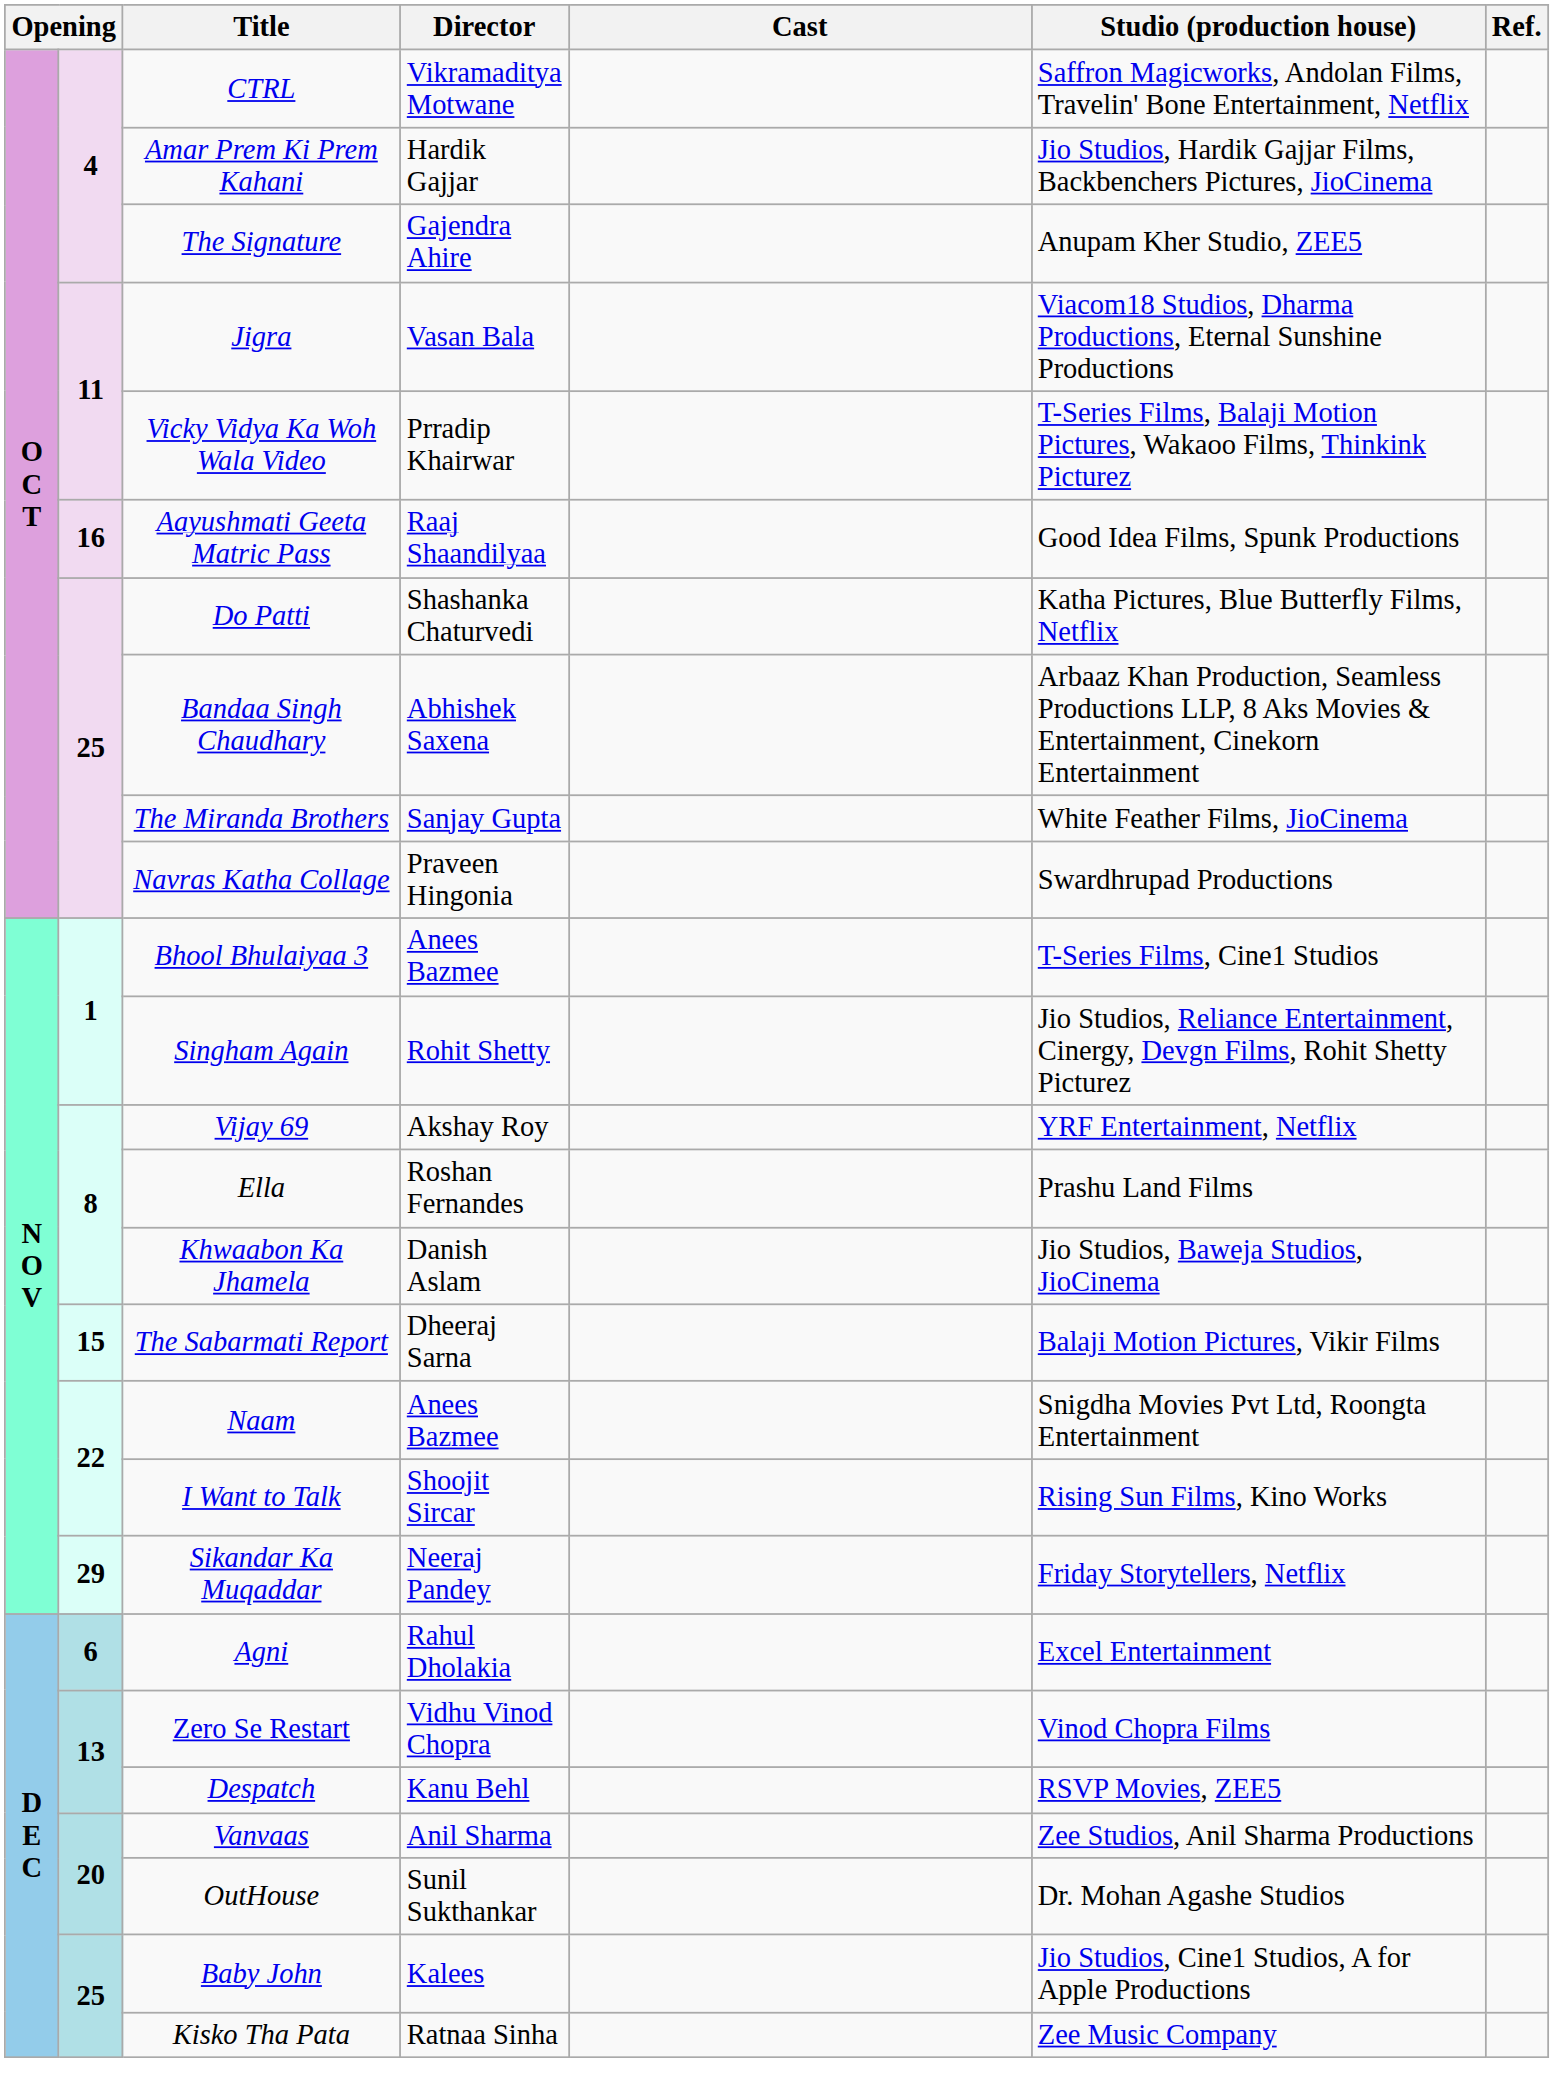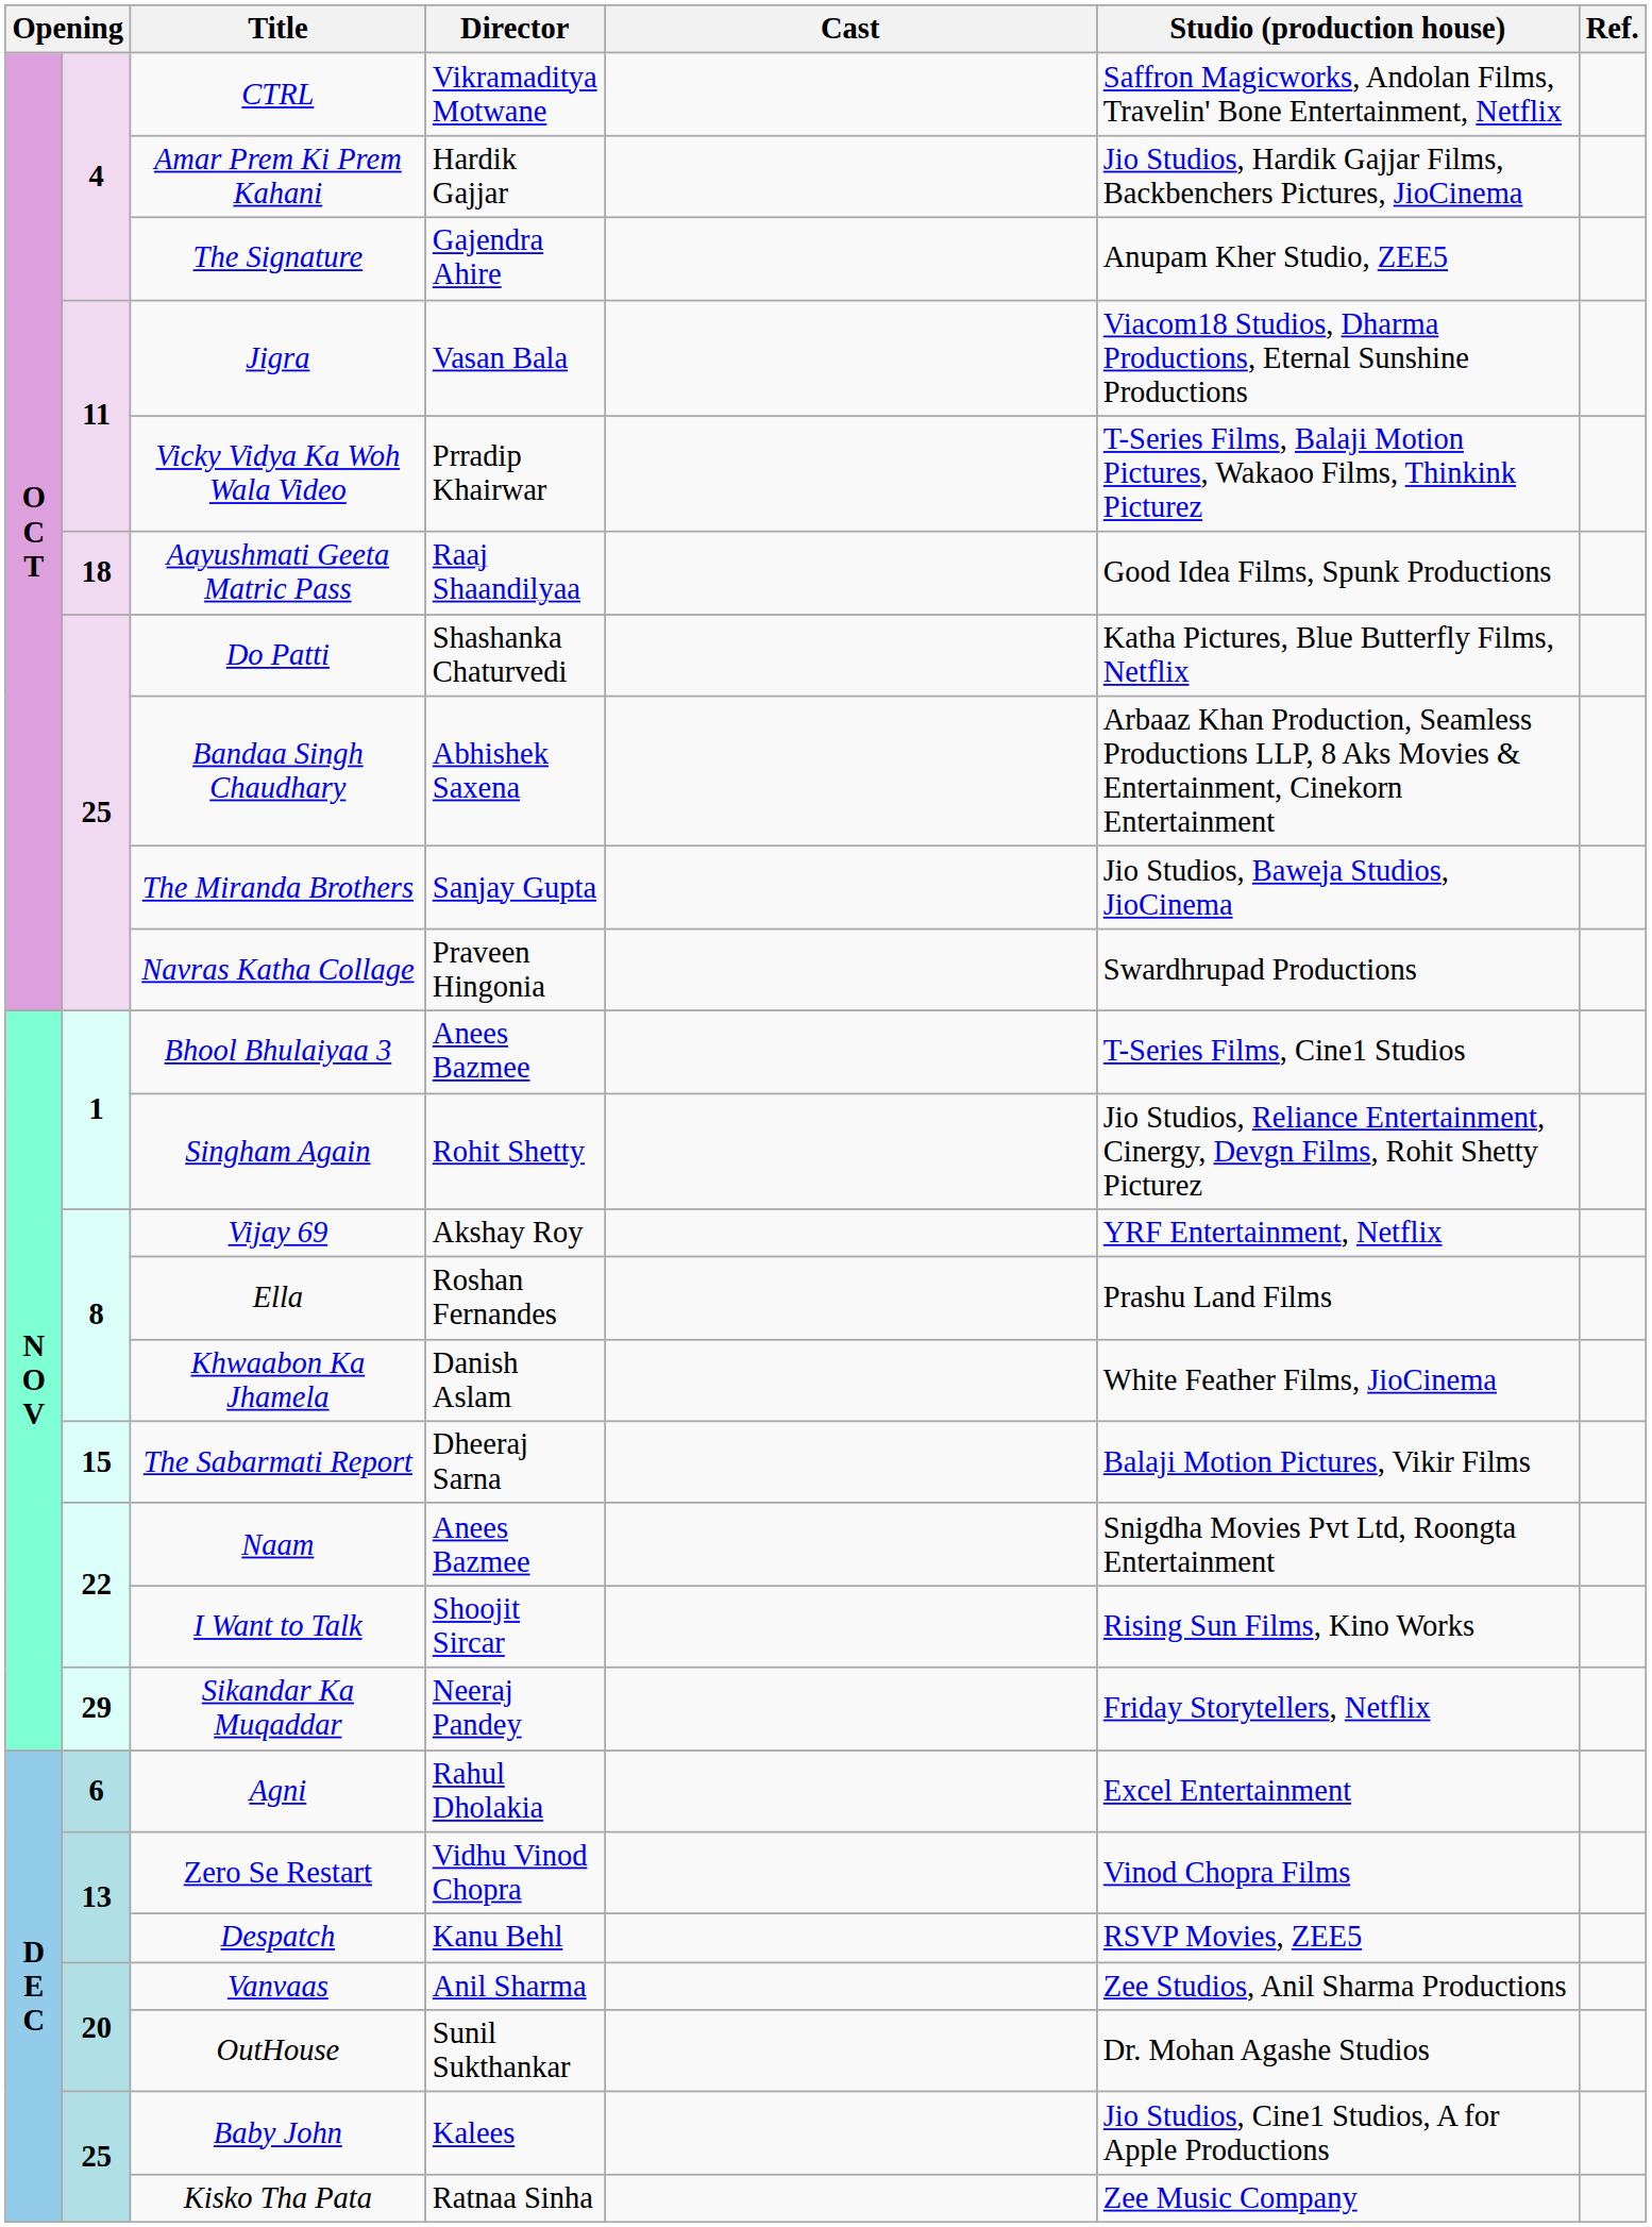 <table class="wikitable">
 <tr>
 <th colspan="2" style="width:6%;"><strong>Opening</strong></th>
 <th style="width:18%;"><strong>Title</strong></th>
 <th style="width:10.5%;"><strong>Director</strong></th>
 <th style="width:30%;"><strong>Cast</strong></th>
 <th>Studio (production house)</th>
 <th>Ref.</th>
 </tr>
 <tr>
 <td rowspan="10" style="text-align:center; background:plum; textcolor:#000;"><strong>O<br>C<br>T</strong></td>
 <td rowspan="3" style="text-align:center;background:#f1daf1;"><strong>4</strong></td>
 <td style="text-align:center;"><em><a href='#'>CTRL</a></em></td>
 <td><a href='#'>Vikramaditya Motwane</a></td>
 <td></td>
 <td><a href='#'>Saffron Magicworks</a>, Andolan Films, Travelin' Bone Entertainment, <a href='#'>Netflix</a></td>
 <td></td>
 </tr>
 <tr>
 <td style="text-align:center;"><em><a href='#'>Amar Prem Ki Prem Kahani</a></em></td>
 <td>Hardik Gajjar</td>
 <td></td>
 <td><a href='#'>Jio Studios</a>, Hardik Gajjar Films, Backbenchers Pictures, <a href='#'>JioCinema</a></td>
 <td></td>
 </tr>
 <tr>
 <td style="text-align:center;"><em><a href='#'>The Signature</a></em></td>
 <td><a href='#'>Gajendra Ahire</a></td>
 <td></td>
 <td>Anupam Kher Studio, <a href='#'>ZEE5</a></td>
 <td></td>
 </tr>
 <tr>
 <td rowspan="2" style="text-align:center;background:#f1daf1;"><strong>11</strong></td>
 <td style="text-align:center;"><em><a href='#'>Jigra</a></em></td>
 <td><a href='#'>Vasan Bala</a></td>
 <td></td>
 <td><a href='#'>Viacom18 Studios</a>, <a href='#'>Dharma Productions</a>, Eternal Sunshine Productions</td>
 <td><strong></strong></td>
 </tr>
 <tr>
 <td style="text-align:center;"><em><a href='#'>Vicky Vidya Ka Woh Wala Video</a></em></td>
 <td>Prradip Khairwar</td>
 <td></td>
 <td><a href='#'>T-Series Films</a>, <a href='#'>Balaji Motion Pictures</a>, Wakaoo Films, <a href='#'>Thinkink Picturez</a></td>
 <td></td>
 </tr>
 <tr>
-<td style="text-align:center;background:#f1daf1;"><strong>16</strong></td>
+<td style="text-align:center;background:#f1daf1;"><strong>18</strong></td>
 <td style="text-align:center;"><em><a href='#'>Aayushmati Geeta Matric Pass</a></em></td>
 <td><a href='#'>Raaj Shaandilyaa</a></td>
 <td></td>
 <td>Good Idea Films, Spunk Productions</td>
 <td><strong></strong></td>
 </tr>
 <tr>
 <td rowspan="4" style="text-align:center;background:#f1daf1;"><strong>25</strong></td>
 <td style="text-align:center;"><em><a href='#'>Do Patti</a></em></td>
 <td>Shashanka Chaturvedi</td>
 <td></td>
 <td>Katha Pictures, Blue Butterfly Films, <a href='#'>Netflix</a></td>
 <td></td>
 </tr>
 <tr>
 <td style="text-align:center;"><em><a href='#'>Bandaa Singh Chaudhary</a></em></td>
 <td><a href='#'>Abhishek Saxena</a></td>
 <td></td>
 <td>Arbaaz Khan Production, Seamless Productions LLP, 8 Aks Movies & Entertainment, Cinekorn Entertainment</td>
 <td></td>
 </tr>
 <tr>
 <td style="text-align:center;"><em><a href='#'>The Miranda Brothers</a></em></td>
 <td><a href='#'>Sanjay Gupta</a></td>
 <td></td>
-<td>White Feather Films, <a href='#'>JioCinema</a></td>
+<td>Jio Studios, <a href='#'>Baweja Studios</a>, <a href='#'>JioCinema</a></td>
 <td></td>
 </tr>
 <tr>
 <td style="text-align:center;"><em><a href='#'>Navras Katha Collage</a></em></td>
 <td>Praveen Hingonia</td>
 <td></td>
 <td>Swardhrupad Productions</td>
 <td></td>
 </tr>
 <tr>
 <td rowspan="9" style="text-align:center; background:#7FFFD4; textcolor:#000;"><strong>N<br>O<br>V</strong></td>
 <td rowspan="2" style="text-align:center; background:#dbfff8; textcolor:#000;"><strong>1</strong></td>
 <td style="text-align:center;"><em><a href='#'>Bhool Bhulaiyaa 3</a></em></td>
 <td><a href='#'>Anees Bazmee</a></td>
 <td></td>
 <td><a href='#'>T-Series Films</a>, Cine1 Studios</td>
 <td></td>
 </tr>
 <tr>
 <td style="text-align:center;"><em><a href='#'>Singham Again</a></em></td>
 <td><a href='#'>Rohit Shetty</a></td>
 <td></td>
 <td>Jio Studios, <a href='#'>Reliance Entertainment</a>, Cinergy, <a href='#'>Devgn Films</a>, Rohit Shetty Picturez</td>
 <td></td>
 </tr>
 <tr>
 <td rowspan="3" style="text-align:center; background:#dbfff8; textcolor:#000;"><strong>8</strong></td>
 <td style="text-align:center;"><em><a href='#'>Vijay 69</a></em></td>
 <td>Akshay Roy</td>
 <td></td>
 <td><a href='#'>YRF Entertainment</a>, <a href='#'>Netflix</a></td>
 <td></td>
 </tr>
 <tr>
 <td style="text-align:center;"><em>Ella</em></td>
 <td>Roshan Fernandes</td>
 <td></td>
 <td>Prashu Land Films</td>
 <td></td>
 </tr>
 <tr>
 <td style="text-align:center;"><em><a href='#'>Khwaabon Ka Jhamela</a></em></td>
 <td>Danish Aslam</td>
 <td></td>
-<td>Jio Studios, <a href='#'>Baweja Studios</a>, <a href='#'>JioCinema</a></td>
+<td>White Feather Films, <a href='#'>JioCinema</a></td>
 <td></td>
 </tr>
 <tr>
 <td style="text-align:center; background:#dbfff8; textcolor:#000;"><strong>15</strong></td>
 <td style="text-align:center;"><em><a href='#'>The Sabarmati Report</a></em></td>
 <td>Dheeraj Sarna</td>
 <td></td>
 <td><a href='#'>Balaji Motion Pictures</a>, Vikir Films</td>
 <td></td>
 </tr>
 <tr>
 <td rowspan="2" style="text-align:center; background:#dbfff8; textcolor:#000;"><strong>22</strong></td>
 <td style="text-align:center;"><em><a href='#'>Naam</a></em></td>
 <td><a href='#'>Anees Bazmee</a></td>
 <td></td>
 <td>Snigdha Movies Pvt Ltd, Roongta Entertainment</td>
 <td></td>
 </tr>
 <tr>
 <td style="text-align:center;"><em><a href='#'>I Want to Talk</a></em></td>
 <td><a href='#'>Shoojit Sircar</a></td>
 <td></td>
 <td><a href='#'>Rising Sun Films</a>, Kino Works</td>
 <td></td>
 </tr>
 <tr>
 <td rowspan="1" style="text-align:center; background:#dbfff8; textcolor:#000;"><strong>29</strong></td>
 <td style="text-align:center;"><em><a href='#'>Sikandar Ka Muqaddar</a></em></td>
 <td><a href='#'>Neeraj Pandey</a></td>
 <td></td>
 <td><a href='#'>Friday Storytellers</a>, <a href='#'>Netflix</a></td>
 <td></td>
 </tr>
 <tr>
 <td rowspan="10" style="text-align:center; background:#93CCEA; textcolor:#000;"><strong>D<br>E<br>C</strong></td>
 <td rowspan="1" style="text-align:center;background:#B0E0E6;"><strong>6</strong></td>
 <td style="text-align:center;"><em><a href='#'>Agni</a></em></td>
 <td><a href='#'>Rahul Dholakia</a></td>
 <td></td>
 <td><a href='#'>Excel Entertainment</a></td>
 <td></td>
 </tr>
 <tr>
 <td rowspan="2" style="text-align:center;background:#B0E0E6;"><strong>13</strong></td>
 <td style="text-align:center;"><a href='#'>Zero Se Restart</a></td>
 <td><a href='#'>Vidhu Vinod Chopra</a></td>
 <td></td>
 <td><a href='#'>Vinod Chopra Films</a></td>
 <td></td>
 </tr>
 <tr>
 <td style="text-align:center;"><em><a href='#'>Despatch</a></em></td>
 <td><a href='#'>Kanu Behl</a></td>
 <td></td>
 <td><a href='#'>RSVP Movies</a>, <a href='#'>ZEE5</a></td>
 <td></td>
 </tr>
 <tr>
 <td rowspan="2" style="text-align:center;background:#B0E0E6;"><strong>20</strong></td>
 <td style="text-align:center;"><em><a href='#'>Vanvaas</a></em></td>
 <td><a href='#'>Anil Sharma</a></td>
 <td></td>
 <td><a href='#'>Zee Studios</a>, Anil Sharma Productions</td>
 <td></td>
 </tr>
 <tr>
 <td style="text-align:center;"><em>OutHouse</em></td>
 <td>Sunil Sukthankar</td>
 <td></td>
 <td>Dr. Mohan Agashe Studios</td>
 <td></td>
 </tr>
 <tr>
 <td rowspan="2" style="text-align:center;background:#B0E0E6;"><strong>25</strong></td>
 <td style="text-align:center;"><em><a href='#'>Baby John</a></em></td>
 <td><a href='#'>Kalees</a></td>
 <td></td>
 <td><a href='#'>Jio Studios</a>, Cine1 Studios, A for Apple Productions</td>
 <td></td>
 </tr>
 <tr>
 <td style="text-align:center;"><em>Kisko Tha Pata</em></td>
 <td>Ratnaa Sinha</td>
 <td></td>
 <td><a href='#'>Zee Music Company</a></td>
 <td></td>
 </tr>
 </table>
